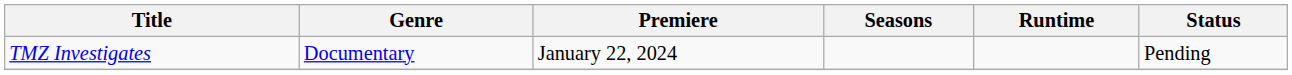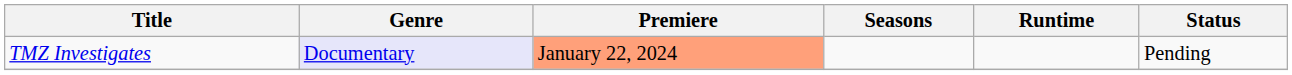 <table class="wikitable sortable" style="width:80%;">
 <tr>
 <th>Title</th>
 <th>Genre</th>
 <th>Premiere</th>
 <th>Seasons</th>
 <th>Runtime</th>
 <th>Status</th>
 </tr>
 <tr>
 <td><em><a href='#'>TMZ Investigates</a></em></td>
-<td><a href='#'>Documentary</a></td>
-<td>January 22, 2024</td>
+<td style="background: lavender;"><a href='#'>Documentary</a></td>
+<td style="background: lightsalmon;">January 22, 2024</td>
 <td></td>
 <td></td>
 <td>Pending</td>
 </tr>
 <tr>
 </tr>
 </table>
